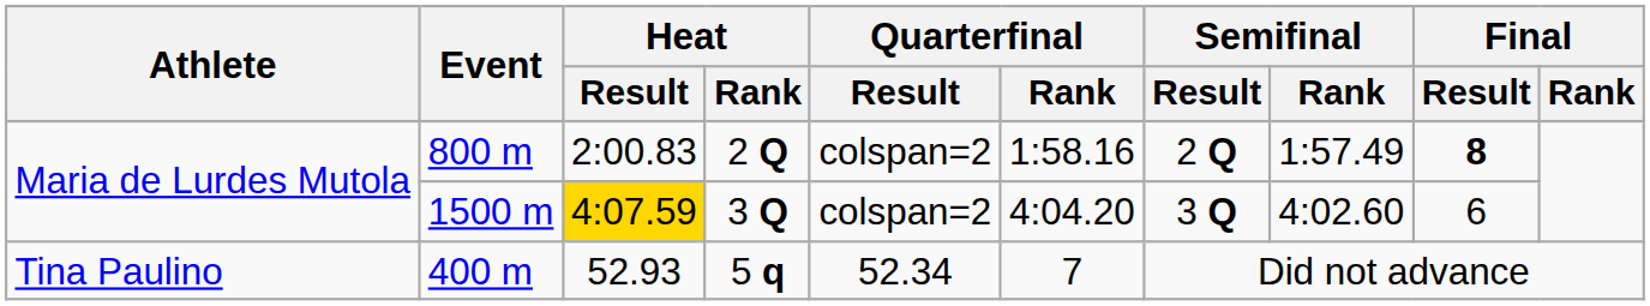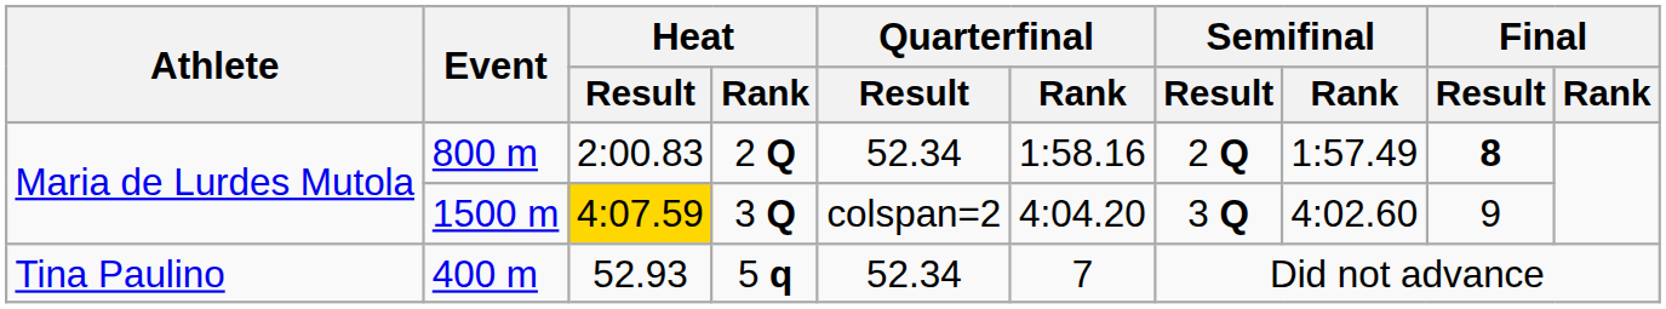 <table class="wikitable" style="font-size:90%">
 <tr>
 <th rowspan="2">Athlete</th>
 <th rowspan="2">Event</th>
 <th colspan="2">Heat</th>
 <th colspan="2">Quarterfinal</th>
 <th colspan="2">Semifinal</th>
 <th colspan="2">Final</th>
 </tr>
 <tr style="font-size:95%">
 <th>Result</th>
 <th>Rank</th>
 <th>Result</th>
 <th>Rank</th>
 <th>Result</th>
 <th>Rank</th>
 <th>Result</th>
 <th>Rank</th>
 </tr>
 <tr align=center>
 <td align=left rowspan=2><a href='#'>Maria de Lurdes Mutola</a></td>
 <td align=left><a href='#'>800 m</a></td>
 <td>2:00.83</td>
 <td>2 <strong>Q</strong></td>
-<td>colspan=2 </td>
+<td>52.34</td>
 <td>1:58.16</td>
 <td>2 <strong>Q</strong></td>
 <td>1:57.49</td>
 <td><strong>8</strong></td>
 </tr>
 <tr align=center>
 <td align=left><a href='#'>1500 m</a></td>
 <td style="background: gold;">4:07.59</td>
 <td>3 <strong>Q</strong></td>
 <td>colspan=2 </td>
 <td>4:04.20</td>
 <td>3 <strong>Q</strong></td>
 <td>4:02.60</td>
-<td>6</td>
+<td>9</td>
 </tr>
 <tr align=center>
 <td align=left><a href='#'>Tina Paulino</a></td>
 <td align=left><a href='#'>400 m</a></td>
 <td>52.93</td>
 <td>5 <strong>q</strong></td>
 <td>52.34</td>
 <td>7</td>
 <td colspan=4>Did not advance</td>
 </tr>
 </table>
